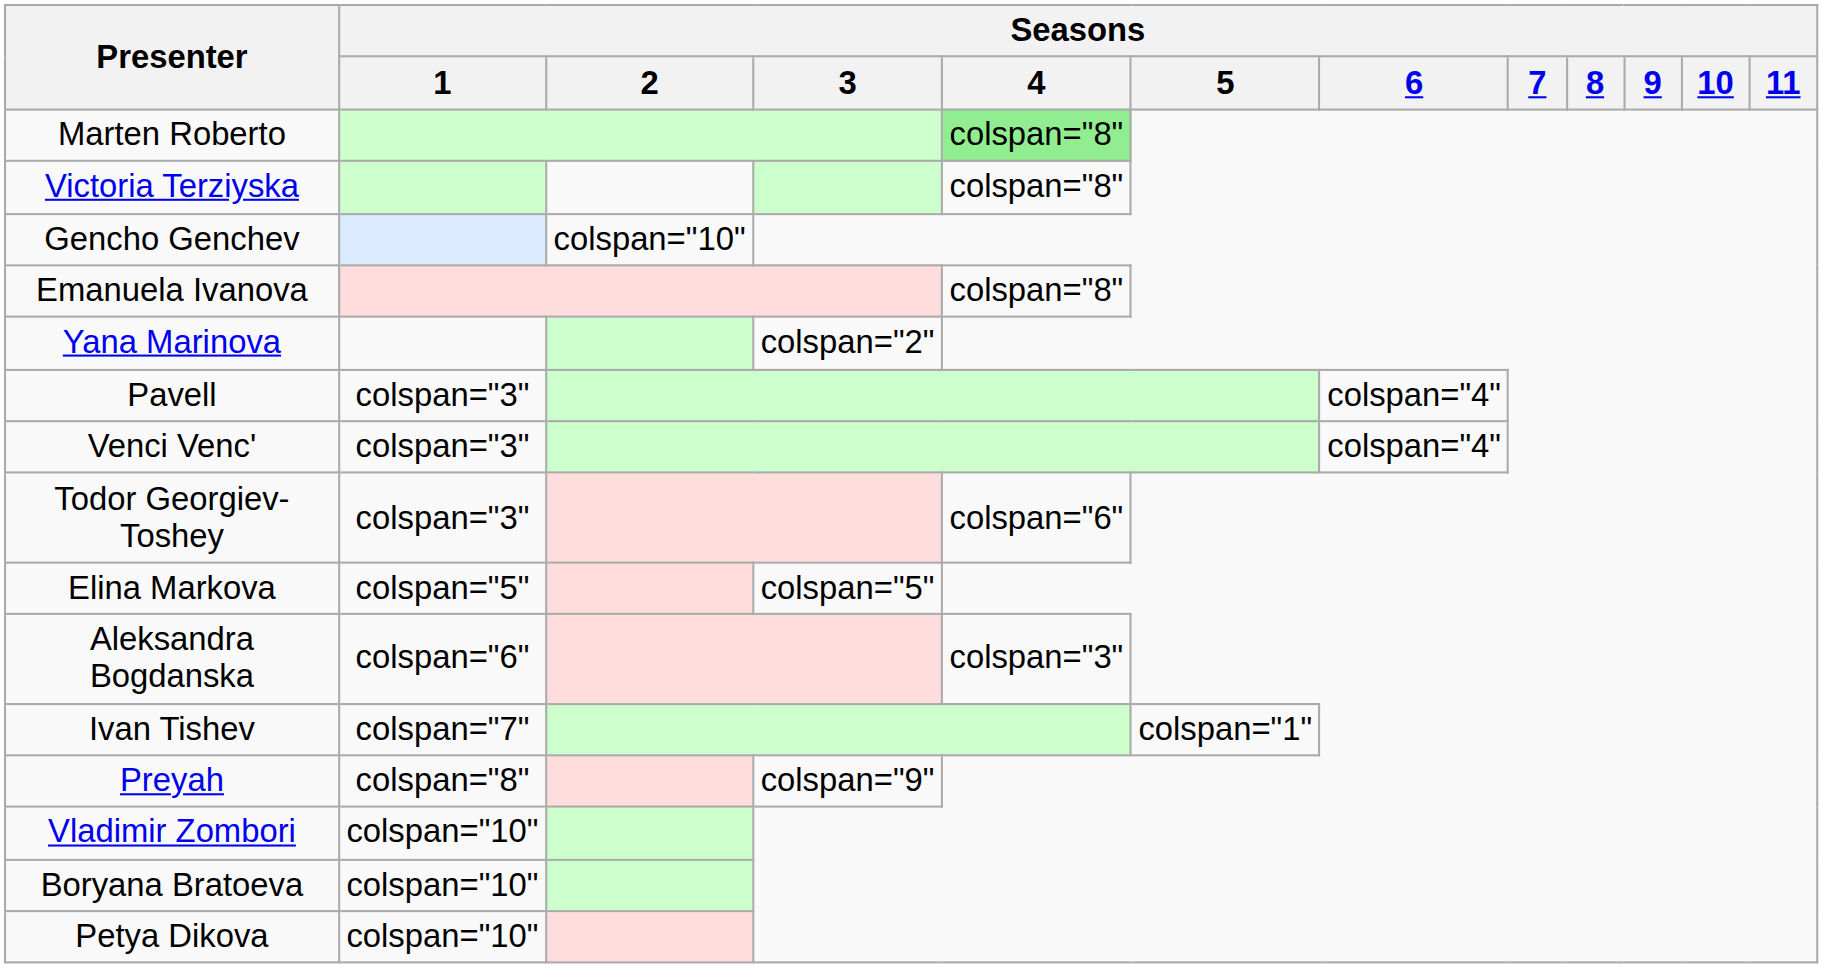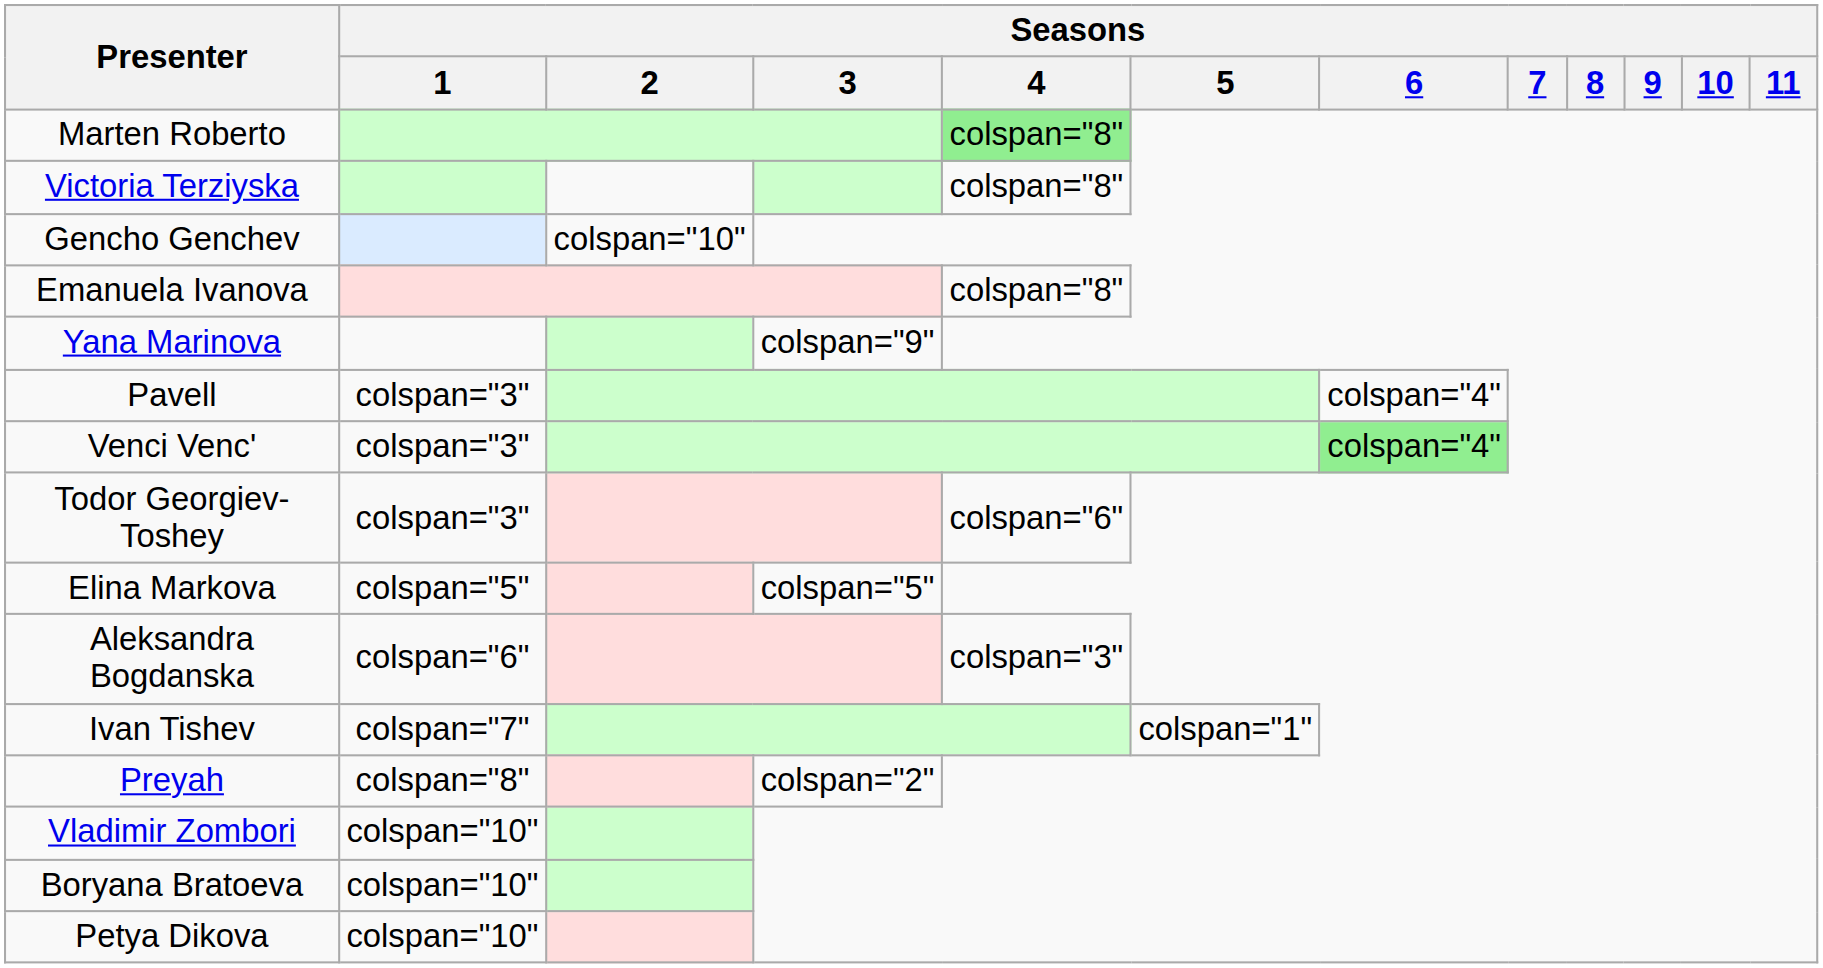 <table class="wikitable" style="text-align:center" width="70%">
 <tr>
 <th rowspan="2" width="30%">Presenter</th>
 <th colspan="11">Seasons</th>
 </tr>
 <tr>
 <th width="05%">1</th>
 <th width="05%">2</th>
 <th width="05%">3</th>
 <th width="05%">4</th>
 <th width="05%">5</th>
 <th width="05%"><a href='#'>6</a></th>
 <th width="05%"><a href='#'>7</a></th>
 <th width="05%"><a href='#'>8</a></th>
 <th width="05%"><a href='#'>9</a></th>
 <th width="05%"><a href='#'>10</a></th>
 <th width="05%"><a href='#'>11</a></th>
 </tr>
 <tr>
 <td>Marten Roberto</td>
 <td colspan="3" style="background:#cfc"></td>
 <td style="background: lightgreen;">colspan="8" </td>
 </tr>
 <tr>
 <td><a href='#'>Victoria Terziyska</a></td>
 <td style="background:#cfc"></td>
 <td></td>
 <td style="background:#cfc"></td>
 <td>colspan="8" </td>
 </tr>
 <tr>
 <td>Gencho Genchev</td>
 <td style="background:#DAEBFF"></td>
 <td>colspan="10" </td>
 </tr>
 <tr>
 <td>Emanuela Ivanova</td>
 <td colspan="3" style="background:#fdd"></td>
 <td>colspan="8" </td>
 </tr>
 <tr>
 <td><a href='#'>Yana Marinova</a></td>
 <td></td>
 <td style="background:#cfc"></td>
-<td>colspan="2" </td>
+<td>colspan="9" </td>
 </tr>
 <tr>
 <td>Pavell</td>
 <td>colspan="3" </td>
 <td colspan="4" style="background:#cfc"></td>
 <td>colspan="4" </td>
 </tr>
 <tr>
 <td>Venci Venc'</td>
 <td>colspan="3" </td>
 <td colspan="4" style="background:#cfc"></td>
-<td>colspan="4" </td>
+<td style="background: lightgreen;">colspan="4" </td>
 </tr>
 <tr>
 <td>Todor Georgiev-Toshey</td>
 <td>colspan="3" </td>
 <td colspan="2" style="background:#fdd"></td>
 <td>colspan="6" </td>
 </tr>
 <tr>
 <td>Elina Markova</td>
 <td>colspan="5" </td>
 <td style="background:#fdd"></td>
 <td>colspan="5" </td>
 </tr>
 <tr>
 <td>Aleksandra Bogdanska</td>
 <td>colspan="6" </td>
 <td colspan="2" style="background:#fdd"></td>
 <td>colspan="3" </td>
 </tr>
 <tr>
 <td>Ivan Tishev</td>
 <td>colspan="7" </td>
 <td colspan="3" style="background:#cfc"></td>
 <td>colspan="1" </td>
 </tr>
 <tr>
 <td><a href='#'>Preyah</a></td>
 <td>colspan="8" </td>
 <td colspan="1" style="background:#fdd"></td>
-<td>colspan="9" </td>
+<td>colspan="2" </td>
 </tr>
 <tr>
 <td><a href='#'>Vladimir Zombori</a></td>
 <td>colspan="10" </td>
 <td colspan="1" style="background:#cfc"></td>
 </tr>
 <tr>
 <td>Boryana Bratoeva</td>
 <td>colspan="10" </td>
 <td colspan="1" style="background:#cfc"></td>
 </tr>
 <tr>
 <td>Petya Dikova</td>
 <td>colspan="10" </td>
 <td colspan="1" style="background:#fdd"></td>
 </tr>
 </table>
